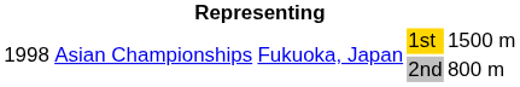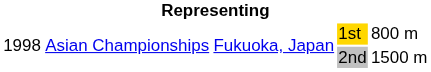 <table>
 <tr>
 <th colspan="5">Representing </th>
 </tr>
 <tr>
 <td rowspan="2">1998</td>
 <td rowspan="2"><a href='#'>Asian Championships</a></td>
 <td rowspan="2"><a href='#'>Fukuoka, Japan</a></td>
 <td bgcolor="gold">1st</td>
-<td>1500 m</td>
+<td>800 m</td>
 </tr>
 <tr>
 <td bgcolor="silver">2nd</td>
-<td>800 m</td>
+<td>1500 m</td>
 </tr>
 </table>
